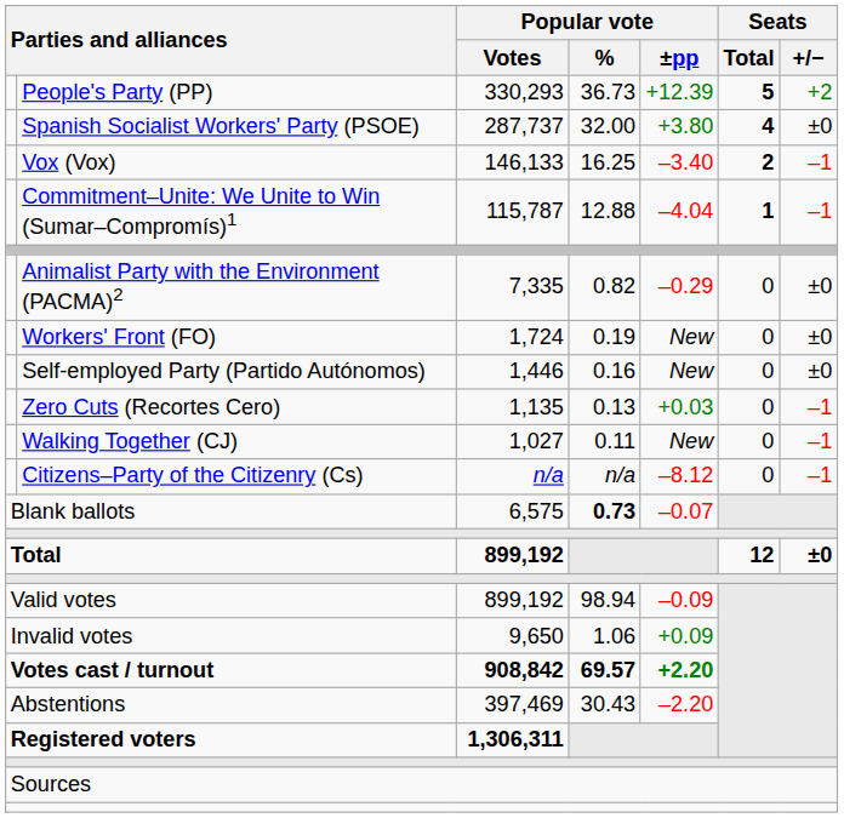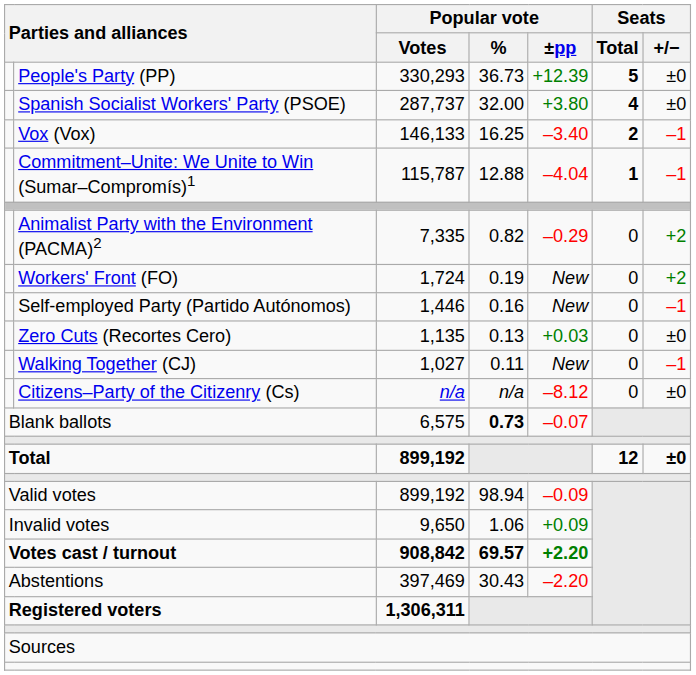 <table class="wikitable" style="text-align:right;">
 <tr>
 <th style="text-align:left;" rowspan="2" colspan="2" width="525">Parties and alliances</th>
 <th colspan="3">Popular vote</th>
 <th colspan="2">Seats</th>
 </tr>
 <tr>
 <th width="75">Votes</th>
 <th width="45">%</th>
 <th width="45">±<a href='#'>pp</a></th>
 <th width="35">Total</th>
 <th width="35">+/−</th>
 </tr>
 <tr>
 <td width="1" style="color:inherit;background:"></td>
 <td align="left"><a href='#'>People's Party</a> (PP)</td>
 <td>330,293</td>
 <td>36.73</td>
 <td style="color:green;">+12.39</td>
 <td><strong>5</strong></td>
-<td style="color:green;">+2</td>
+<td>±0</td>
 </tr>
 <tr>
 <td style="color:inherit;background:"></td>
 <td align="left"><a href='#'>Spanish Socialist Workers' Party</a> (PSOE)</td>
 <td>287,737</td>
 <td>32.00</td>
 <td style="color:green;">+3.80</td>
 <td><strong>4</strong></td>
 <td>±0</td>
 </tr>
 <tr>
 <td style="color:inherit;background:"></td>
 <td align="left"><a href='#'>Vox</a> (Vox)</td>
 <td>146,133</td>
 <td>16.25</td>
 <td style="color:red;">–3.40</td>
 <td><strong>2</strong></td>
 <td style="color:red;">–1</td>
 </tr>
 <tr>
 <td style="color:inherit;background:"></td>
 <td align="left"><a href='#'>Commitment–Unite: We Unite to Win</a> (Sumar–Compromís)<sup>1</sup></td>
 <td>115,787</td>
 <td>12.88</td>
 <td style="color:red;">–4.04</td>
 <td><strong>1</strong></td>
 <td style="color:red;">–1</td>
 </tr>
 <tr>
 <td colspan="7" bgcolor="#C0C0C0"></td>
 </tr>
 <tr>
 <td style="color:inherit;background:"></td>
 <td align="left"><a href='#'>Animalist Party with the Environment</a> (PACMA)<sup>2</sup></td>
 <td>7,335</td>
 <td>0.82</td>
 <td style="color:red;">–0.29</td>
 <td>0</td>
-<td>±0</td>
+<td style="color:green;">+2</td>
 </tr>
 <tr>
 <td style="color:inherit;background:"></td>
 <td align="left"><a href='#'>Workers' Front</a> (FO)</td>
 <td>1,724</td>
 <td>0.19</td>
 <td><em>New</em></td>
 <td>0</td>
-<td>±0</td>
+<td style="color:green;">+2</td>
 </tr>
 <tr>
 <td style="color:inherit;background:"></td>
 <td align="left">Self-employed Party (Partido Autónomos)</td>
 <td>1,446</td>
 <td>0.16</td>
 <td><em>New</em></td>
 <td>0</td>
-<td>±0</td>
+<td style="color:red;">–1</td>
 </tr>
 <tr>
 <td style="color:inherit;background:"></td>
 <td align="left"><a href='#'>Zero Cuts</a> (Recortes Cero)</td>
 <td>1,135</td>
 <td>0.13</td>
 <td style="color:green;">+0.03</td>
 <td>0</td>
-<td style="color:red;">–1</td>
+<td>±0</td>
 </tr>
 <tr>
 <td style="color:inherit;background:"></td>
 <td align="left"><a href='#'>Walking Together</a> (CJ)</td>
 <td>1,027</td>
 <td>0.11</td>
 <td><em>New</em></td>
 <td>0</td>
 <td style="color:red;">–1</td>
 </tr>
 <tr>
 <td style="color:inherit;background:"></td>
 <td align="left"><a href='#'>Citizens–Party of the Citizenry</a> (Cs)</td>
 <td><em><a href='#'>n/a</a></em></td>
 <td><em>n/a</em></td>
 <td style="color:red;">–8.12</td>
 <td>0</td>
-<td style="color:red;">–1</td>
+<td>±0</td>
 </tr>
 <tr>
 <td align="left" colspan="2">Blank ballots</td>
 <td>6,575</td>
 <td><strong>0.73</strong></td>
 <td style="color:red;">–0.07</td>
 <td bgcolor="#E9E9E9" colspan="2"></td>
 </tr>
 <tr>
 <td colspan="7" bgcolor="#E9E9E9"></td>
 </tr>
 <tr style="font-weight:bold;">
 <td align="left" colspan="2">Total</td>
 <td>899,192</td>
 <td bgcolor="#E9E9E9" colspan="2"></td>
 <td>12</td>
 <td>±0</td>
 </tr>
 <tr>
 <td colspan="7" bgcolor="#E9E9E9"></td>
 </tr>
 <tr>
 <td align="left" colspan="2">Valid votes</td>
 <td>899,192</td>
 <td>98.94</td>
 <td style="color:red;">–0.09</td>
 <td bgcolor="#E9E9E9" colspan="2" rowspan="5"></td>
 </tr>
 <tr>
 <td align="left" colspan="2">Invalid votes</td>
 <td>9,650</td>
 <td>1.06</td>
 <td style="color:green;">+0.09</td>
 </tr>
 <tr style="font-weight:bold;">
 <td align="left" colspan="2">Votes cast / turnout</td>
 <td>908,842</td>
 <td>69.57</td>
 <td style="color:green;">+2.20</td>
 </tr>
 <tr>
 <td align="left" colspan="2">Abstentions</td>
 <td>397,469</td>
 <td>30.43</td>
 <td style="color:red;">–2.20</td>
 </tr>
 <tr style="font-weight:bold;">
 <td align="left" colspan="2">Registered voters</td>
 <td>1,306,311</td>
 <td bgcolor="#E9E9E9" colspan="2"></td>
 </tr>
 <tr>
 <td colspan="7" bgcolor="#E9E9E9"></td>
 </tr>
 <tr>
 <td align="left" colspan="7">Sources</td>
 </tr>
 <tr>
 <td colspan="7" style="text-align:left; max-width:790px;"></td>
 </tr>
 </table>
